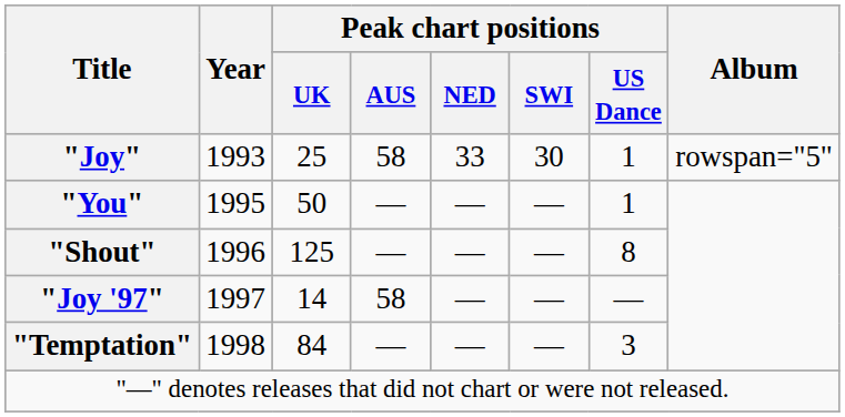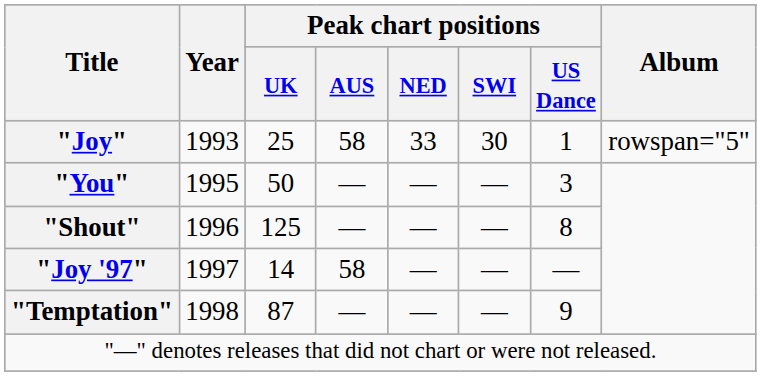 <table class="wikitable plainrowheaders" style="text-align:center;">
 <tr>
 <th rowspan="2">Title</th>
 <th rowspan="2">Year</th>
 <th colspan="5">Peak chart positions</th>
 <th rowspan="2">Album</th>
 </tr>
 <tr>
 <th width="35"><small><a href='#'>UK</a></small><br></th>
 <th width="35"><small><a href='#'>AUS</a></small><br></th>
 <th width="35"><small><a href='#'>NED</a></small><br></th>
 <th width="35"><small><a href='#'>SWI</a></small><br></th>
 <th width="35"><small><a href='#'>US Dance</a></small><br></th>
 </tr>
 <tr>
 <th scope="row">"<a href='#'>Joy</a>"</th>
 <td>1993</td>
 <td>25</td>
 <td>58</td>
 <td>33</td>
 <td>30</td>
 <td>1</td>
 <td>rowspan="5" </td>
 </tr>
 <tr>
 <th scope="row">"<a href='#'>You</a>"</th>
 <td>1995</td>
 <td>50</td>
 <td>—</td>
 <td>—</td>
 <td>—</td>
-<td>1</td>
+<td>3</td>
 </tr>
 <tr>
 <th scope="row">"Shout"</th>
 <td>1996</td>
 <td>125</td>
 <td>—</td>
 <td>—</td>
 <td>—</td>
 <td>8</td>
 </tr>
 <tr>
 <th scope="row">"<a href='#'>Joy '97</a>"</th>
 <td>1997</td>
 <td>14</td>
 <td>58</td>
 <td>—</td>
 <td>—</td>
 <td>—</td>
 </tr>
 <tr>
 <th scope="row">"Temptation"</th>
 <td>1998</td>
-<td>84</td>
+<td>87</td>
 <td>—</td>
 <td>—</td>
 <td>—</td>
-<td>3</td>
+<td>9</td>
 </tr>
 <tr>
 <td align="center" colspan="13" style="font-size:85%">"—" denotes releases that did not chart or were not released.</td>
 </tr>
 </table>
